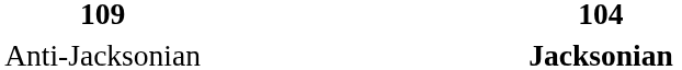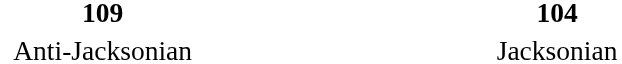 <table style="width:60%; text-align:center">
 <tr>
 <td style="background:"><strong>109</strong></td>
 <td style="background:"><strong>104</strong></td>
 </tr>
 <tr>
 <td>Anti-Jacksonian</td>
-<td><strong>Jacksonian</strong></td>
+<td>Jacksonian</td>
 </tr>
 </table>
